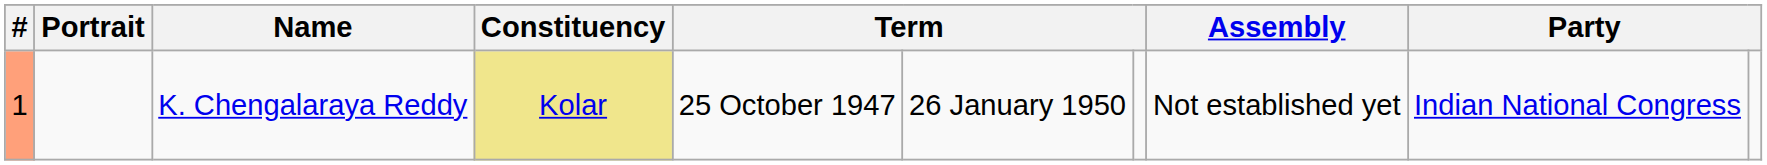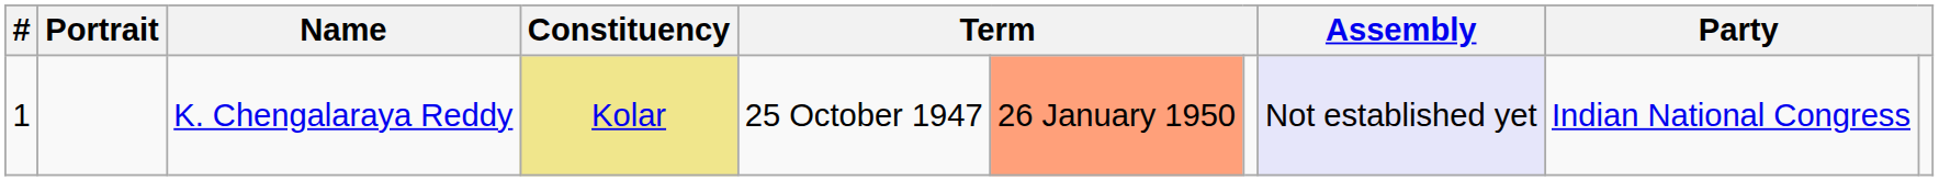 <table class="wikitable" style="text-align:center">
 <tr>
 <th scope="col">#</th>
 <th>Portrait</th>
 <th scope="col">Name</th>
 <th>Constituency</th>
 <th colspan="3" scope="col">Term<br></th>
 <th scope="col"><a href='#'>Assembly</a><br></th>
 <th colspan="2" scope="col">Party</th>
 </tr>
 <tr style="height: 60px;">
-<td style="background: lightsalmon;">1</td>
+<td>1</td>
 <td></td>
 <td><a href='#'>K. Chengalaraya Reddy</a></td>
 <td style="background: khaki;"><a href='#'>Kolar</a></td>
 <td>25 October 1947</td>
-<td>26 January 1950</td>
+<td style="background: lightsalmon;">26 January 1950</td>
 <td></td>
-<td>Not established yet</td>
+<td style="background: lavender;">Not established yet</td>
 <td rowspan="3"><a href='#'>Indian National Congress</a></td>
 <td rowspan="3" style="background-color: "></td>
 </tr>
 </table>
